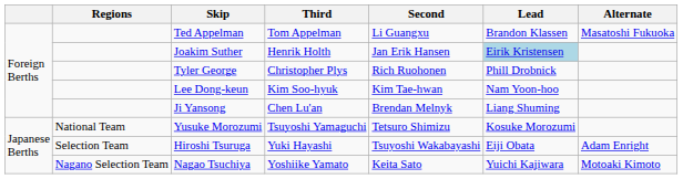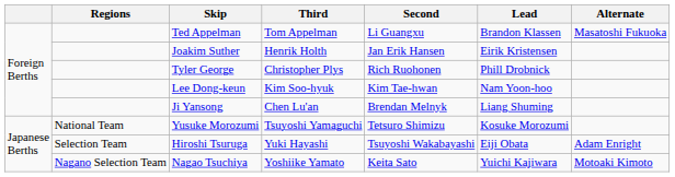 <table class="wikitable">
 <tr>
 <th></th>
 <th>Regions</th>
 <th>Skip</th>
 <th>Third</th>
 <th>Second</th>
 <th>Lead</th>
 <th>Alternate</th>
 </tr>
 <tr>
 <td rowspan=5>Foreign <br> Berths</td>
 <td></td>
 <td><a href='#'>Ted Appelman</a></td>
 <td><a href='#'>Tom Appelman</a></td>
 <td><a href='#'>Li Guangxu</a></td>
 <td><a href='#'>Brandon Klassen</a></td>
 <td><a href='#'>Masatoshi Fukuoka</a></td>
 </tr>
 <tr>
 <td></td>
 <td><a href='#'>Joakim Suther</a></td>
 <td><a href='#'>Henrik Holth</a></td>
 <td><a href='#'>Jan Erik Hansen</a></td>
-<td style="background: lightblue;"><a href='#'>Eirik Kristensen</a></td>
+<td><a href='#'>Eirik Kristensen</a></td>
 <td></td>
 </tr>
 <tr>
 <td></td>
 <td><a href='#'>Tyler George</a></td>
 <td><a href='#'>Christopher Plys</a></td>
 <td><a href='#'>Rich Ruohonen</a></td>
 <td><a href='#'>Phill Drobnick</a></td>
 <td></td>
 </tr>
 <tr>
 <td></td>
 <td><a href='#'>Lee Dong-keun</a></td>
 <td><a href='#'>Kim Soo-hyuk</a></td>
 <td><a href='#'>Kim Tae-hwan</a></td>
 <td><a href='#'>Nam Yoon-hoo</a></td>
 <td></td>
 </tr>
 <tr>
 <td></td>
 <td><a href='#'>Ji Yansong</a></td>
 <td><a href='#'>Chen Lu'an</a></td>
 <td><a href='#'>Brendan Melnyk</a></td>
 <td><a href='#'>Liang Shuming</a></td>
 <td></td>
 </tr>
 <tr>
 <td rowspan=3>Japanese <br> Berths</td>
 <td> National Team</td>
 <td><a href='#'>Yusuke Morozumi</a></td>
 <td><a href='#'>Tsuyoshi Yamaguchi</a></td>
 <td><a href='#'>Tetsuro Shimizu</a></td>
 <td><a href='#'>Kosuke Morozumi</a></td>
 <td></td>
 </tr>
 <tr>
 <td> Selection Team</td>
 <td><a href='#'>Hiroshi Tsuruga</a></td>
 <td><a href='#'>Yuki Hayashi</a></td>
 <td><a href='#'>Tsuyoshi Wakabayashi</a></td>
 <td><a href='#'>Eiji Obata</a></td>
 <td><a href='#'>Adam Enright</a></td>
 </tr>
 <tr>
 <td> <a href='#'>Nagano</a> Selection Team</td>
 <td><a href='#'>Nagao Tsuchiya</a></td>
 <td><a href='#'>Yoshiike Yamato</a></td>
 <td><a href='#'>Keita Sato</a></td>
 <td><a href='#'>Yuichi Kajiwara</a></td>
 <td><a href='#'>Motoaki Kimoto</a></td>
 </tr>
 </table>
